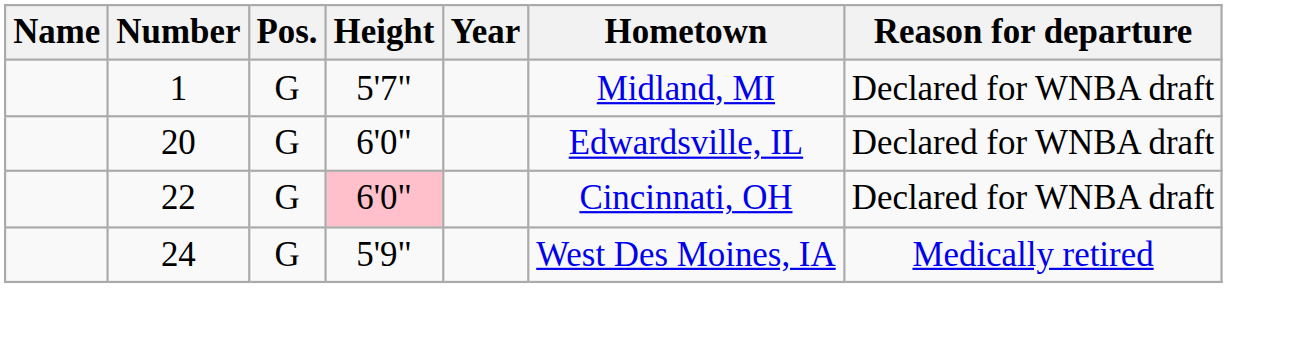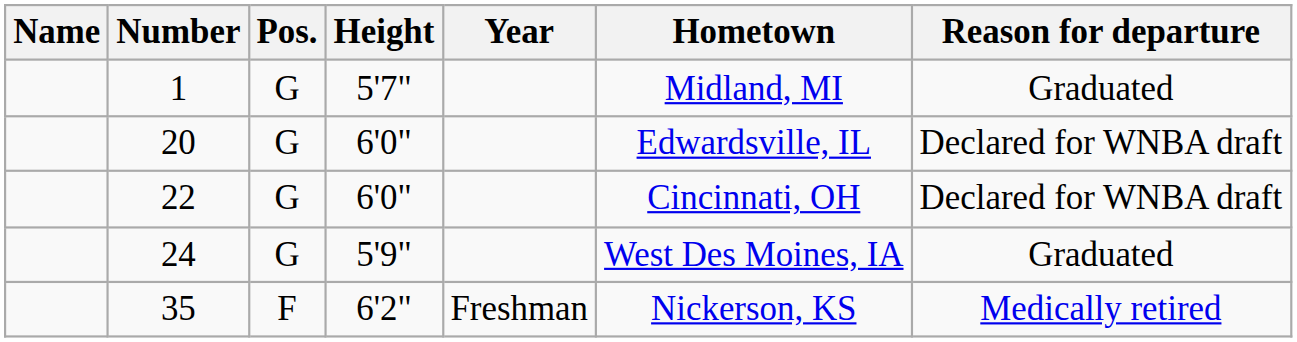 <table class="wikitable sortable" style="text-align:center">
 <tr align=center>
 <th>Name</th>
 <th>Number</th>
 <th>Pos.</th>
 <th>Height</th>
 <th>Year</th>
 <th>Hometown</th>
 <th class="unsortable">Reason for departure</th>
 </tr>
 <tr>
 <td></td>
 <td>1</td>
 <td>G</td>
 <td>5'7"</td>
 <td></td>
 <td><a href='#'>Midland, MI</a></td>
-<td>Declared for WNBA draft</td>
+<td>Graduated</td>
 </tr>
 <tr>
 <td></td>
 <td>20</td>
 <td>G</td>
 <td>6'0"</td>
 <td></td>
 <td><a href='#'>Edwardsville, IL</a></td>
 <td>Declared for WNBA draft</td>
 </tr>
 <tr>
 <td></td>
 <td>22</td>
 <td>G</td>
-<td style="background: pink;">6'0"</td>
+<td>6'0"</td>
 <td></td>
 <td><a href='#'>Cincinnati, OH</a></td>
 <td>Declared for WNBA draft</td>
 </tr>
 <tr>
 <td></td>
 <td>24</td>
 <td>G</td>
 <td>5'9"</td>
 <td></td>
 <td><a href='#'>West Des Moines, IA</a></td>
+<td>Graduated</td>
+</tr>
+<tr>
+<td></td>
+<td>35</td>
+<td>F</td>
+<td>6'2"</td>
+<td>Freshman</td>
+<td><a href='#'>Nickerson, KS</a></td>
 <td><a href='#'>Medically retired</a></td>
 </tr>
 </table>
